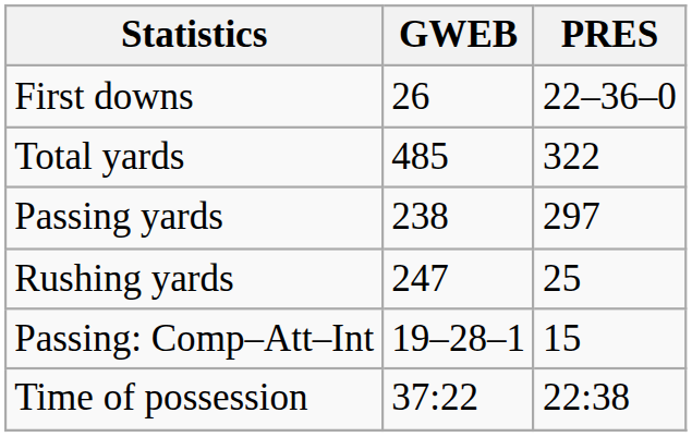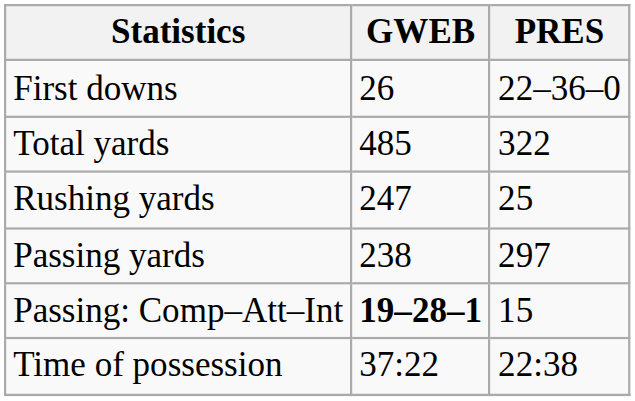 <table class="wikitable" style="float: left;">
 <tr>
 <th>Statistics</th>
 <th>GWEB</th>
 <th>PRES</th>
 </tr>
 <tr>
 <td>First downs</td>
 <td>26</td>
 <td>22–36–0</td>
 </tr>
 <tr>
 <td>Total yards</td>
 <td>485</td>
 <td>322</td>
 </tr>
 <tr>
+<td>Rushing yards</td>
+<td>247</td>
+<td>25</td>
+</tr>
+<tr>
 <td>Passing yards</td>
 <td>238</td>
 <td>297</td>
 </tr>
 <tr>
-<td>Rushing yards</td>
-<td>247</td>
-<td>25</td>
-</tr>
-<tr>
 <td>Passing: Comp–Att–Int</td>
-<td>19–28–1</td>
+<td><strong>19–28–1</strong></td>
 <td>15</td>
 </tr>
 <tr>
 <td>Time of possession</td>
 <td>37:22</td>
 <td>22:38</td>
 </tr>
 <tr>
 </tr>
 </table>
